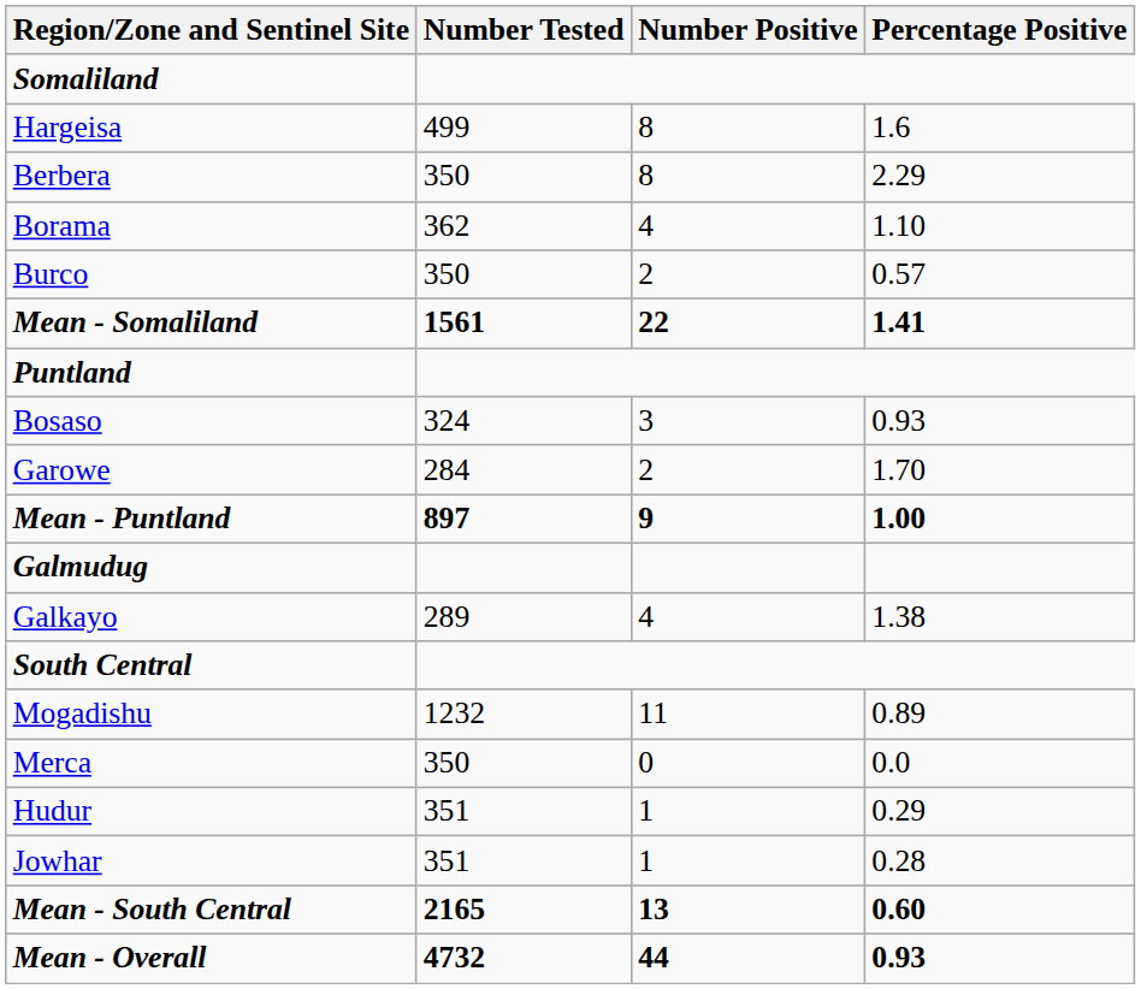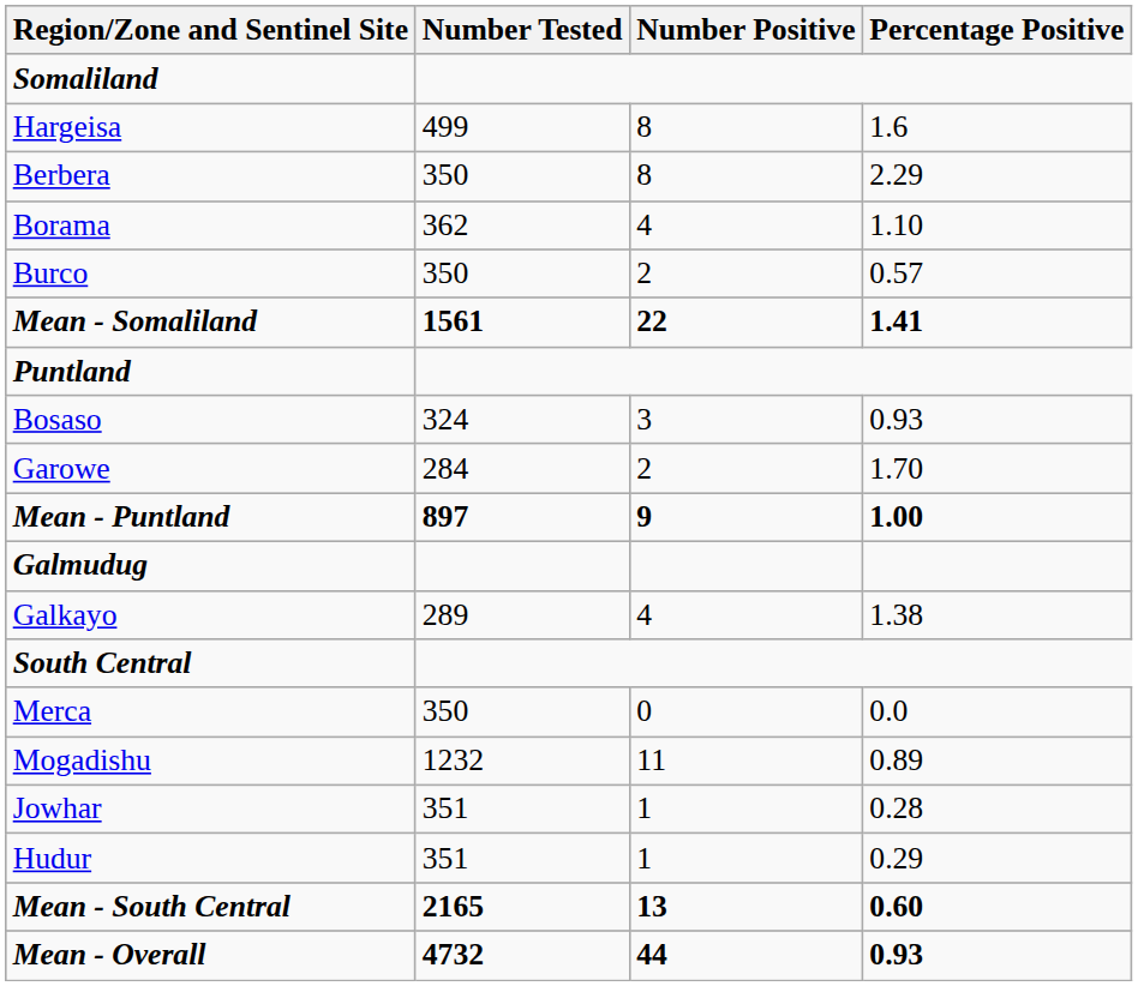 <table class="wikitable" style="margin-left:0; border:none; align:left;">
 <tr>
 <th scope="col">Region/Zone and Sentinel Site</th>
 <th scope="col">Number Tested</th>
 <th scope="col">Number Positive</th>
 <th scope="col">Percentage Positive</th>
 </tr>
 <tr>
 <td><strong><em>Somaliland</em></strong></td>
 </tr>
 <tr>
 <td><a href='#'>Hargeisa</a></td>
 <td>499</td>
 <td>8</td>
 <td>1.6</td>
 </tr>
 <tr>
 <td><a href='#'>Berbera</a></td>
 <td>350</td>
 <td>8</td>
 <td>2.29</td>
 </tr>
 <tr>
 <td><a href='#'>Borama</a></td>
 <td>362</td>
 <td>4</td>
 <td>1.10</td>
 </tr>
 <tr>
 <td><a href='#'>Burco</a></td>
 <td>350</td>
 <td>2</td>
 <td>0.57</td>
 </tr>
 <tr>
 <td><strong><em>Mean - Somaliland</em></strong></td>
 <td><strong>1561</strong></td>
 <td><strong>22</strong></td>
 <td><strong>1.41</strong></td>
 </tr>
 <tr>
 <td><strong><em>Puntland</em></strong></td>
 </tr>
 <tr>
 <td><a href='#'>Bosaso</a></td>
 <td>324</td>
 <td>3</td>
 <td>0.93</td>
 </tr>
 <tr>
 <td><a href='#'>Garowe</a></td>
 <td>284</td>
 <td>2</td>
 <td>1.70</td>
 </tr>
 <tr>
 <td><strong><em>Mean - Puntland</em></strong></td>
 <td><strong>897</strong></td>
 <td><strong>9</strong></td>
 <td><strong>1.00</strong></td>
 </tr>
 <tr>
 <td><strong><em>Galmudug</em></strong></td>
 <td></td>
 <td></td>
 <td></td>
 </tr>
 <tr>
 <td><a href='#'>Galkayo</a></td>
 <td>289</td>
 <td>4</td>
 <td>1.38</td>
 </tr>
 <tr>
 <td><strong><em>South Central</em></strong></td>
 </tr>
 <tr>
+<td><a href='#'>Merca</a></td>
+<td>350</td>
+<td>0</td>
+<td>0.0</td>
+</tr>
+<tr>
 <td><a href='#'>Mogadishu</a></td>
 <td>1232</td>
 <td>11</td>
 <td>0.89</td>
 </tr>
 <tr>
-<td><a href='#'>Merca</a></td>
-<td>350</td>
-<td>0</td>
-<td>0.0</td>
+<td><a href='#'>Jowhar</a></td>
+<td>351</td>
+<td>1</td>
+<td>0.28</td>
 </tr>
 <tr>
 <td><a href='#'>Hudur</a></td>
 <td>351</td>
 <td>1</td>
 <td>0.29</td>
-</tr>
-<tr>
-<td><a href='#'>Jowhar</a></td>
-<td>351</td>
-<td>1</td>
-<td>0.28</td>
 </tr>
 <tr>
 <td><strong><em>Mean - South Central</em></strong></td>
 <td><strong>2165</strong></td>
 <td><strong>13</strong></td>
 <td><strong>0.60</strong></td>
 </tr>
 <tr>
 <td><strong><em>Mean - Overall</em></strong></td>
 <td><strong>4732</strong></td>
 <td><strong>44</strong></td>
 <td><strong>0.93</strong></td>
 </tr>
 </table>
